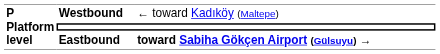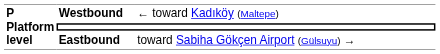 <table table border=0 cellspacing=0 cellpadding=3>
 <tr>
 <td style="border-top:solid 1px gray;border-bottom:solid 1px gray;" width=50 rowspan=3 valign=top><strong>P<br>Platform level</strong></td>
 <td style="border-top:solid 1px gray;" width=100><strong>Westbound</strong></td>
 <td style="border-top:solid 1px gray;" width=400>←  toward <a href='#'>Kadıköy</a> <small>(<a href='#'>Maltepe</a>)</small></td>
 </tr>
 <tr>
 <td style="border-top:solid 2px black;border-right:solid 2px black;border-left:solid 2px black;border-bottom:solid 2px black;text-align:center;" colspan=2></td>
 </tr>
 <tr>
 <td style="border-bottom:solid 1px gray;"><strong>Eastbound</strong></td>
-<td style="border-bottom:solid 1px gray;"><strong> toward <a href='#'>Sabiha Gökçen Airport</a> <small>(<a href='#'>Gülsuyu</a>)</small> →</strong></td>
+<td style="border-bottom:solid 1px gray;"> toward <a href='#'>Sabiha Gökçen Airport</a> <small>(<a href='#'>Gülsuyu</a>)</small> →</td>
 </tr>
 </table>
